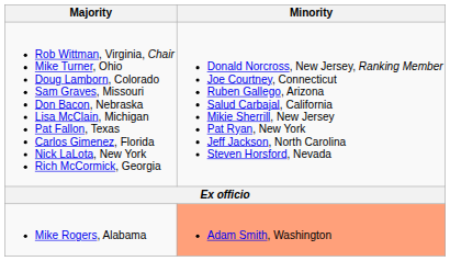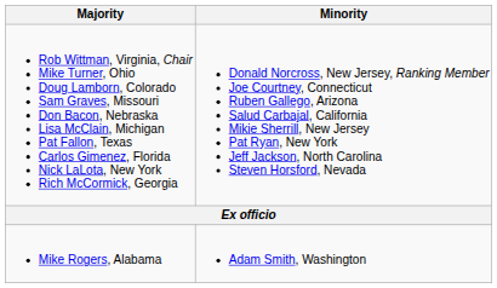 <table class=wikitable>
 <tr>
 <th>Majority</th>
 <th>Minority</th>
 </tr>
 <tr>
 <td><br><ul><li><a href='#'>Rob Wittman</a>, Virginia, <em>Chair</em></li><li><a href='#'>Mike Turner</a>, Ohio</li><li><a href='#'>Doug Lamborn</a>, Colorado</li><li><a href='#'>Sam Graves</a>, Missouri</li><li><a href='#'>Don Bacon</a>, Nebraska</li><li><a href='#'>Lisa McClain</a>, Michigan</li><li><a href='#'>Pat Fallon</a>, Texas</li><li><a href='#'>Carlos Gimenez</a>, Florida</li><li><a href='#'>Nick LaLota</a>, New York</li><li><a href='#'>Rich McCormick</a>, Georgia</li></ul></td>
 <td><br><ul><li><a href='#'>Donald Norcross</a>, New Jersey, <em>Ranking Member</em></li><li><a href='#'>Joe Courtney</a>, Connecticut</li><li><a href='#'>Ruben Gallego</a>, Arizona</li><li><a href='#'>Salud Carbajal</a>, California</li><li><a href='#'>Mikie Sherrill</a>, New Jersey</li><li><a href='#'>Pat Ryan</a>, New York</li><li><a href='#'>Jeff Jackson</a>, North Carolina</li><li><a href='#'>Steven Horsford</a>, Nevada</li></ul></td>
 </tr>
 <tr>
 <th colspan=2><em>Ex officio</em></th>
 </tr>
 <tr>
 <td><br><ul><li><a href='#'>Mike Rogers</a>, Alabama</li></ul></td>
-<td style="background: lightsalmon;"><br><ul><li><a href='#'>Adam Smith</a>, Washington</li></ul></td>
+<td><br><ul><li><a href='#'>Adam Smith</a>, Washington</li></ul></td>
 </tr>
 </table>
